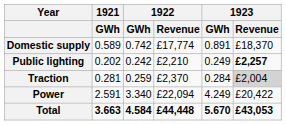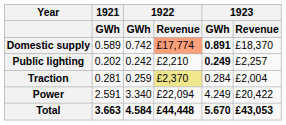 <table class="wikitable">
 <tr>
 <th>Year</th>
 <th>1921</th>
 <th colspan="2">1922</th>
 <th colspan="2">1923</th>
 </tr>
 <tr>
 <th></th>
 <th>GWh</th>
 <th>GWh</th>
 <th>Revenue</th>
 <th>GWh</th>
 <th>Revenue</th>
 </tr>
 <tr>
 <th>Domestic supply</th>
 <td>0.589</td>
 <td>0.742</td>
-<td>£17,774</td>
-<td>0.891</td>
+<td style="background: lightsalmon;">£17,774</td>
+<td><strong>0.891</strong></td>
 <td>£18,370</td>
 </tr>
 <tr>
 <th>Public lighting</th>
 <td>0.202</td>
 <td>0.242</td>
 <td>£2,210</td>
-<td>0.249</td>
-<td><strong>£2,257</strong></td>
+<td><strong>0.249</strong></td>
+<td>£2,257</td>
 </tr>
 <tr>
 <th>Traction</th>
 <td>0.281</td>
 <td>0.259</td>
-<td>£2,370</td>
+<td style="background: khaki;">£2,370</td>
 <td>0.284</td>
-<td style="background: lightgrey;">£2,004</td>
+<td>£2,004</td>
 </tr>
 <tr>
 <th>Power</th>
 <td>2.591</td>
 <td>3.340</td>
 <td>£22,094</td>
 <td>4.249</td>
 <td>£20,422</td>
 </tr>
 <tr>
 <th>Total</th>
 <td><strong>3.663</strong></td>
 <td><strong>4.584</strong></td>
 <td><strong>£44,448</strong></td>
 <td><strong>5.670</strong></td>
 <td><strong>£43,053</strong></td>
 </tr>
 </table>
